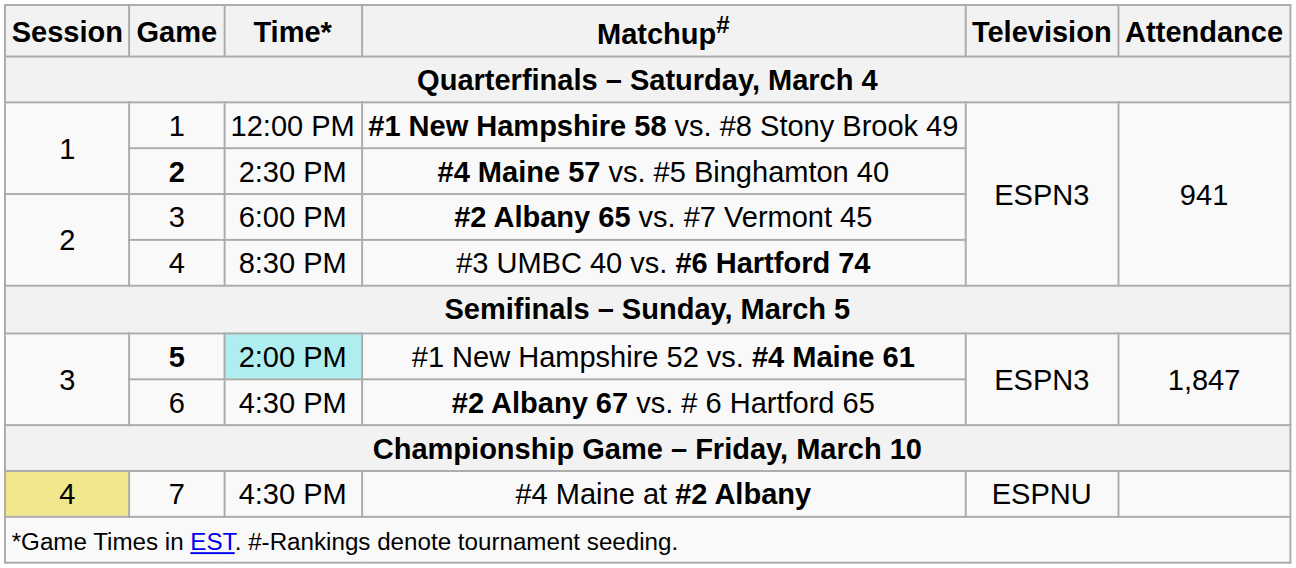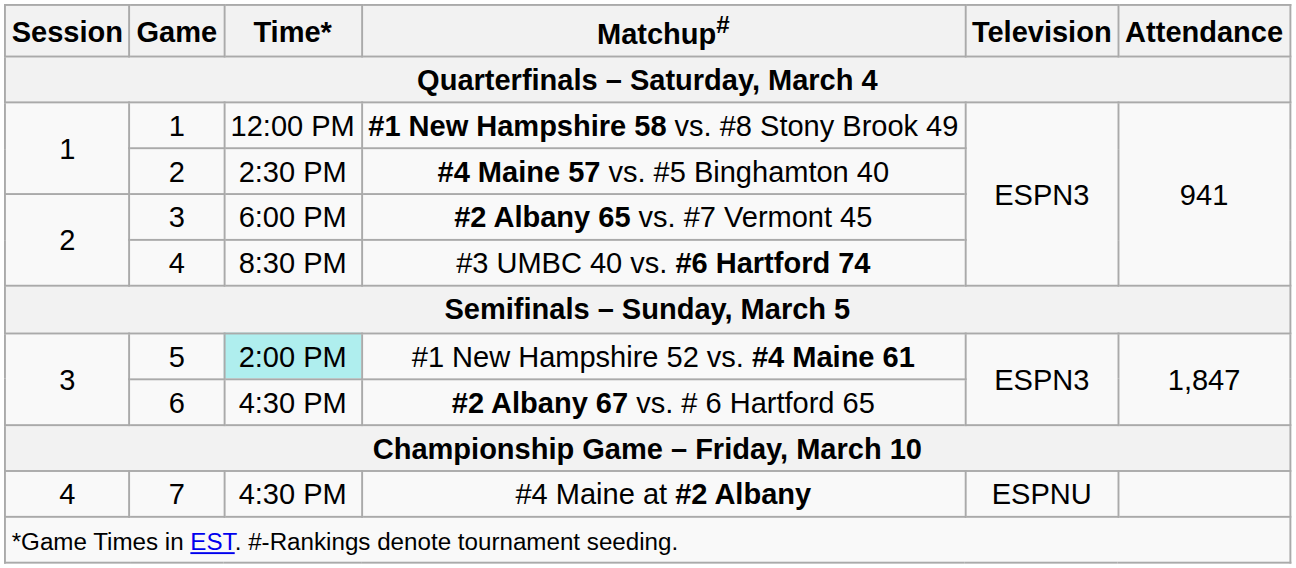 <table class="wikitable" style="font-size: 95%; text-align:center;">
 <tr>
 <th>Session</th>
 <th>Game</th>
 <th>Time*</th>
 <th>Matchup<sup>#</sup></th>
 <th>Television</th>
 <th>Attendance</th>
 </tr>
 <tr>
 <th colspan=6>Quarterfinals – Saturday, March 4</th>
 </tr>
 <tr>
 <td rowspan=2>1</td>
 <td>1</td>
 <td>12:00 PM</td>
 <td><strong>#1 New Hampshire 58</strong> vs. #8 Stony Brook 49</td>
 <td rowspan=4>ESPN3</td>
 <td rowspan=4>941</td>
 </tr>
 <tr>
-<td><strong>2</strong></td>
+<td>2</td>
 <td>2:30 PM</td>
 <td><strong>#4 Maine 57</strong> vs. #5 Binghamton 40</td>
 </tr>
 <tr>
 <td rowspan=2>2</td>
 <td>3</td>
 <td>6:00 PM</td>
 <td><strong>#2 Albany 65</strong> vs. #7 Vermont 45</td>
 </tr>
 <tr>
 <td>4</td>
 <td>8:30 PM</td>
 <td>#3 UMBC 40 vs. <strong>#6 Hartford 74</strong></td>
 </tr>
 <tr>
 <th colspan=7>Semifinals – Sunday, March 5</th>
 </tr>
 <tr>
 <td rowspan=2>3</td>
-<td><strong>5</strong></td>
+<td>5</td>
 <td style="background: paleturquoise;">2:00 PM</td>
 <td>#1 New Hampshire 52 vs. <strong>#4 Maine 61</strong></td>
 <td rowspan=2>ESPN3</td>
 <td rowspan=2>1,847</td>
 </tr>
 <tr>
 <td>6</td>
 <td>4:30 PM</td>
 <td><strong>#2 Albany 67</strong> vs. # 6 Hartford 65</td>
 </tr>
 <tr>
 <th colspan=7>Championship Game – Friday, March 10</th>
 </tr>
 <tr>
-<td style="background: khaki;">4</td>
+<td>4</td>
 <td>7</td>
 <td>4:30 PM</td>
 <td>#4 Maine at <strong>#2 Albany</strong></td>
 <td>ESPNU</td>
 <td></td>
 </tr>
 <tr>
 <td colspan=6 style="text-align:left;"><small>*Game Times in <a href='#'>EST</a>. #-Rankings denote tournament seeding.</small></td>
 </tr>
 </table>
